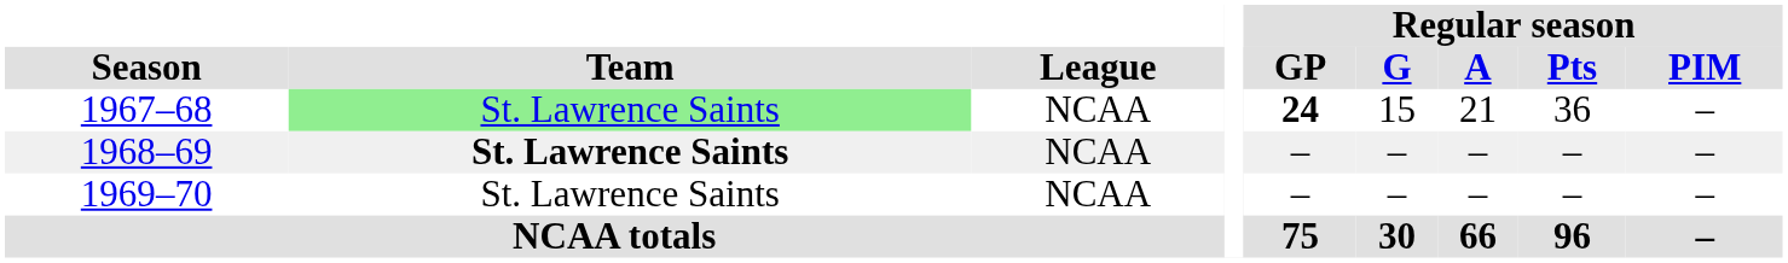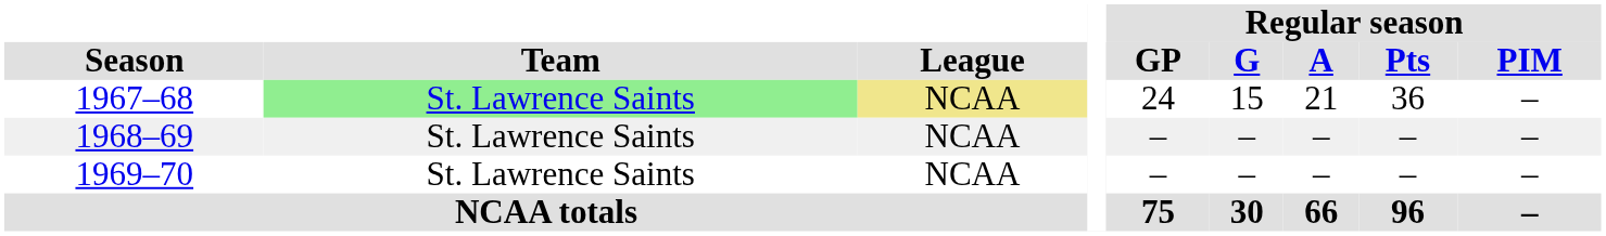 <table BORDER="0" CELLPADDING="0" CELLSPACING="0" width="60%" style="text-align:center">
 <tr bgcolor="#e0e0e0">
 <th colspan="3" bgcolor="#ffffff"> </th>
 <th rowspan="99" bgcolor="#ffffff"> </th>
 <th colspan="5">Regular season</th>
 </tr>
 <tr bgcolor="#e0e0e0">
 <th>Season</th>
 <th>Team</th>
 <th>League</th>
 <th>GP</th>
 <th><a href='#'>G</a></th>
 <th><a href='#'>A</a></th>
 <th><a href='#'>Pts</a></th>
 <th><a href='#'>PIM</a></th>
 </tr>
 <tr>
 <td><a href='#'>1967–68</a></td>
 <td style="background: lightgreen;"><a href='#'>St. Lawrence Saints</a></td>
-<td>NCAA</td>
-<td><strong>24</strong></td>
+<td style="background: khaki;">NCAA</td>
+<td>24</td>
 <td>15</td>
 <td>21</td>
 <td>36</td>
 <td>–</td>
 </tr>
 <tr bgcolor="#f0f0f0">
 <td><a href='#'>1968–69</a></td>
-<td><strong>St. Lawrence Saints</strong></td>
+<td>St. Lawrence Saints</td>
 <td>NCAA</td>
 <td>–</td>
 <td>–</td>
 <td>–</td>
 <td>–</td>
 <td>–</td>
 </tr>
 <tr>
 <td><a href='#'>1969–70</a></td>
 <td>St. Lawrence Saints</td>
 <td>NCAA</td>
 <td>–</td>
 <td>–</td>
 <td>–</td>
 <td>–</td>
 <td>–</td>
 </tr>
 <tr bgcolor="#f0f0f0">
 </tr>
 <tr bgcolor="#e0e0e0">
 <th colspan="3">NCAA totals</th>
 <th>75</th>
 <th>30</th>
 <th>66</th>
 <th>96</th>
 <th>–</th>
 </tr>
 </table>
